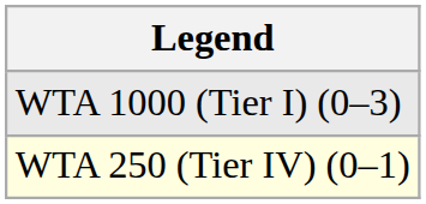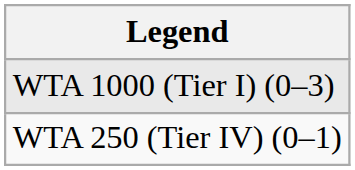 <table class="wikitable" style="font-size:90%;">
 <tr bgcolor="#eeeeee">
 <th>Legend</th>
 </tr>
 <tr bgcolor="#e9e9e9">
 <td>WTA 1000 (Tier I) (0–3)</td>
 </tr>
 <tr>
-<td style="background: lightyellow;">WTA 250 (Tier IV) (0–1)</td>
+<td>WTA 250 (Tier IV) (0–1)</td>
 </tr>
 </table>
